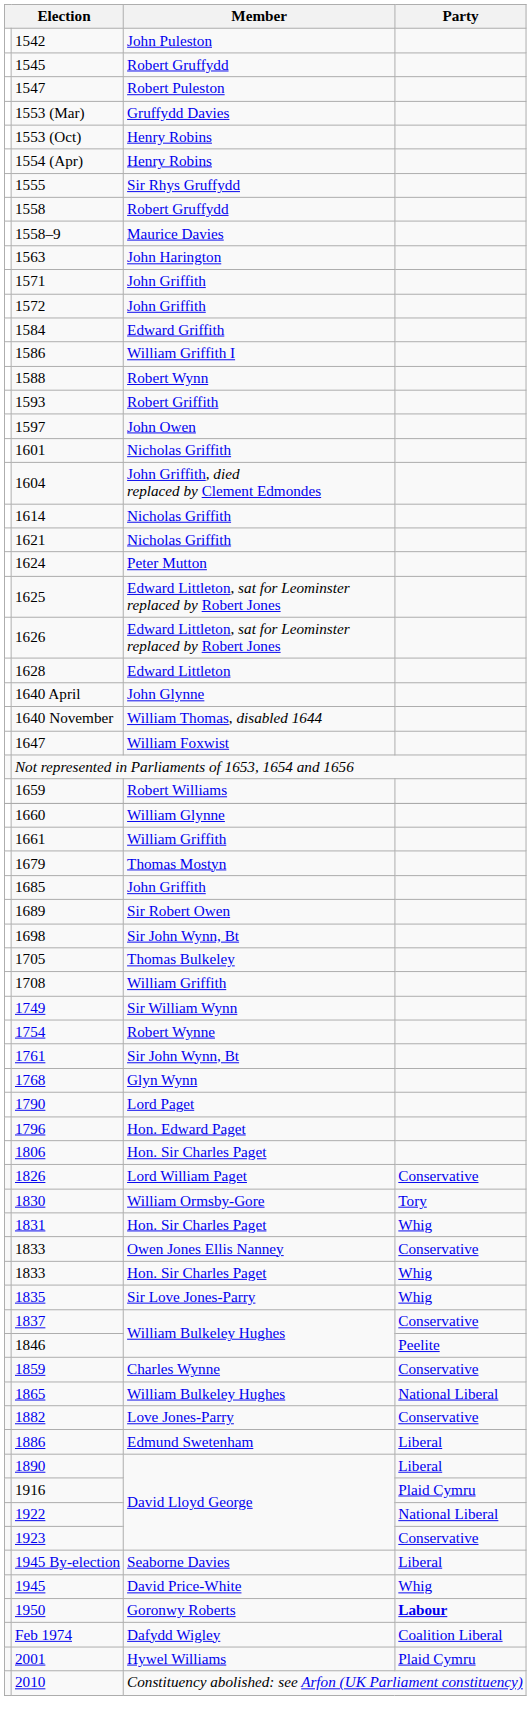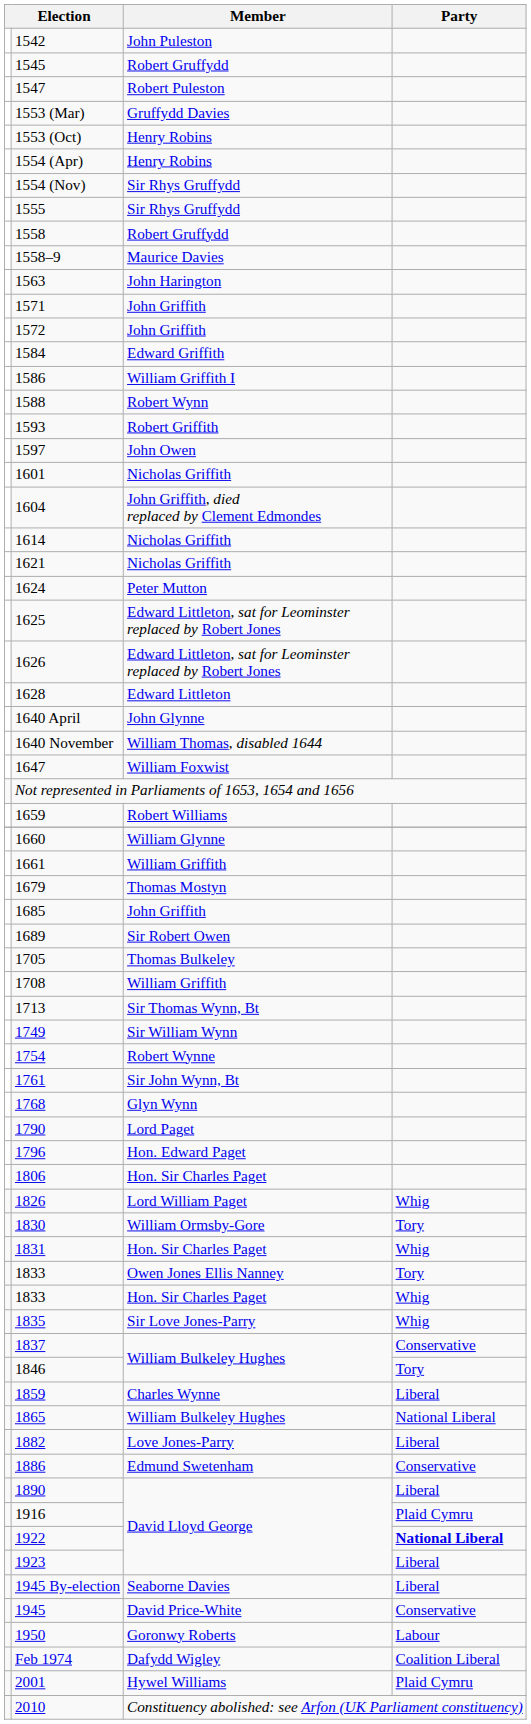 <table class="wikitable">
 <tr>
 <th colspan=2>Election</th>
 <th>Member</th>
 <th>Party</th>
 </tr>
 <tr>
 <td style="color:inherit;background-color: white"></td>
 <td>1542</td>
 <td><a href='#'>John Puleston</a></td>
 <td></td>
 </tr>
 <tr>
 <td style="color:inherit;background-color: white"></td>
 <td>1545</td>
 <td><a href='#'>Robert Gruffydd</a></td>
 <td></td>
 </tr>
 <tr>
 <td style="color:inherit;background-color: white"></td>
 <td>1547</td>
 <td><a href='#'>Robert Puleston</a></td>
 <td></td>
 </tr>
 <tr>
 <td style="color:inherit;background-color: white"></td>
 <td>1553 (Mar)</td>
 <td><a href='#'>Gruffydd Davies</a></td>
 <td></td>
 </tr>
 <tr>
 <td style="color:inherit;background-color: white"></td>
 <td>1553 (Oct)</td>
 <td><a href='#'>Henry Robins</a></td>
 <td></td>
 </tr>
 <tr>
 <td style="color:inherit;background-color: white"></td>
 <td>1554 (Apr)</td>
 <td><a href='#'>Henry Robins</a></td>
+<td></td>
+</tr>
+<tr>
+<td style="color:inherit;background-color: white"></td>
+<td>1554 (Nov)</td>
+<td><a href='#'>Sir Rhys Gruffydd</a></td>
 <td></td>
 </tr>
 <tr>
 <td style="color:inherit;background-color: white"></td>
 <td>1555</td>
 <td><a href='#'>Sir Rhys Gruffydd</a></td>
 <td></td>
 </tr>
 <tr>
 <td style="color:inherit;background-color: white"></td>
 <td>1558</td>
 <td><a href='#'>Robert Gruffydd</a></td>
 <td></td>
 </tr>
 <tr>
 <td style="color:inherit;background-color: white"></td>
 <td>1558–9</td>
 <td><a href='#'>Maurice Davies</a></td>
 <td></td>
 </tr>
 <tr>
 <td style="color:inherit;background-color: white"></td>
 <td>1563</td>
 <td><a href='#'>John Harington</a></td>
 <td></td>
 </tr>
 <tr>
 <td style="color:inherit;background-color: white"></td>
 <td>1571</td>
 <td><a href='#'>John Griffith</a></td>
 <td></td>
 </tr>
 <tr>
 <td style="color:inherit;background-color: white"></td>
 <td>1572</td>
 <td><a href='#'>John Griffith</a></td>
 <td></td>
 </tr>
 <tr>
 <td style="color:inherit;background-color: white"></td>
 <td>1584</td>
 <td><a href='#'>Edward Griffith</a></td>
 <td></td>
 </tr>
 <tr>
 <td style="color:inherit;background-color: white"></td>
 <td>1586</td>
 <td><a href='#'>William Griffith I</a></td>
 <td></td>
 </tr>
 <tr>
 <td style="color:inherit;background-color: white"></td>
 <td>1588</td>
 <td><a href='#'>Robert Wynn</a></td>
 <td></td>
 </tr>
 <tr>
 <td style="color:inherit;background-color: white"></td>
 <td>1593</td>
 <td><a href='#'>Robert Griffith</a></td>
 <td></td>
 </tr>
 <tr>
 <td style="color:inherit;background-color: white"></td>
 <td>1597</td>
 <td><a href='#'>John Owen</a></td>
 <td></td>
 </tr>
 <tr>
 <td style="color:inherit;background-color: white"></td>
 <td>1601</td>
 <td><a href='#'>Nicholas Griffith</a></td>
 <td></td>
 </tr>
 <tr>
 <td style="color:inherit;background-color: white"></td>
 <td>1604</td>
 <td><a href='#'>John Griffith</a>, <em>died <br> replaced by</em> <a href='#'>Clement Edmondes</a></td>
 <td></td>
 </tr>
 <tr>
 <td style="color:inherit;background-color: white"></td>
 <td>1614</td>
 <td><a href='#'>Nicholas Griffith</a></td>
 <td></td>
 </tr>
 <tr>
 <td style="color:inherit;background-color: white"></td>
 <td>1621</td>
 <td><a href='#'>Nicholas Griffith</a></td>
 <td></td>
 </tr>
 <tr>
 <td style="color:inherit;background-color: white"></td>
 <td>1624</td>
 <td><a href='#'>Peter Mutton</a></td>
 <td></td>
 </tr>
 <tr>
 <td style="color:inherit;background-color: white"></td>
 <td>1625</td>
 <td><a href='#'>Edward Littleton</a>, <em>sat for Leominster <br> replaced by</em> <a href='#'>Robert Jones</a></td>
 <td></td>
 </tr>
 <tr>
 <td style="color:inherit;background-color: white"></td>
 <td>1626</td>
 <td><a href='#'>Edward Littleton</a>, <em>sat for Leominster <br> replaced by</em> <a href='#'>Robert Jones</a></td>
 <td></td>
 </tr>
 <tr>
 <td style="color:inherit;background-color: white"></td>
 <td>1628</td>
 <td><a href='#'>Edward Littleton</a></td>
 <td></td>
 </tr>
 <tr>
 <td style="color:inherit;background-color: white"></td>
 <td>1640 April</td>
 <td><a href='#'>John Glynne</a></td>
 <td></td>
 </tr>
 <tr>
 <td style="color:inherit;background-color: white"></td>
 <td>1640 November</td>
 <td><a href='#'>William Thomas</a>, <em>disabled 1644</em></td>
 <td></td>
 </tr>
 <tr>
 <td style="color:inherit;background-color: white"></td>
 <td>1647</td>
 <td><a href='#'>William Foxwist</a></td>
 <td></td>
 </tr>
 <tr>
 <td></td>
 <td colspan="3"><em>Not represented in Parliaments of 1653, 1654 and 1656</em></td>
 </tr>
 <tr>
 <td style="color:inherit;background-color: white"></td>
 <td>1659</td>
 <td><a href='#'>Robert Williams</a></td>
 <td></td>
 </tr>
 <tr>
 </tr>
 <tr>
 <td style="color:inherit;background-color: white"></td>
 <td>1660</td>
 <td><a href='#'>William Glynne</a></td>
 <td></td>
 </tr>
 <tr>
 <td style="color:inherit;background-color: white"></td>
 <td>1661</td>
 <td><a href='#'>William Griffith</a></td>
 <td></td>
 </tr>
 <tr>
 <td style="color:inherit;background-color: white"></td>
 <td>1679</td>
 <td><a href='#'>Thomas Mostyn</a></td>
 <td></td>
 </tr>
 <tr>
 <td style="color:inherit;background-color: white"></td>
 <td>1685</td>
 <td><a href='#'>John Griffith</a></td>
 <td></td>
 </tr>
 <tr>
 <td style="color:inherit;background-color: white"></td>
 <td>1689</td>
 <td><a href='#'>Sir Robert Owen</a></td>
 <td></td>
 </tr>
 <tr>
 <td style="color:inherit;background-color: white"></td>
-<td>1698</td>
-<td><a href='#'>Sir John Wynn, Bt</a></td>
-<td></td>
-</tr>
-<tr>
-<td style="color:inherit;background-color: white"></td>
 <td>1705</td>
 <td><a href='#'>Thomas Bulkeley</a></td>
 <td></td>
 </tr>
 <tr>
 <td style="color:inherit;background-color: white"></td>
 <td>1708</td>
 <td><a href='#'>William Griffith</a></td>
+<td></td>
+</tr>
+<tr>
+<td style="color:inherit;background-color: white"></td>
+<td>1713</td>
+<td><a href='#'>Sir Thomas Wynn, Bt</a></td>
 <td></td>
 </tr>
 <tr>
 <td style="color:inherit;background-color: white"></td>
 <td><a href='#'>1749</a></td>
 <td><a href='#'>Sir William Wynn</a></td>
 <td></td>
 </tr>
 <tr>
 <td style="color:inherit;background-color: white"></td>
 <td><a href='#'>1754</a></td>
 <td><a href='#'>Robert Wynne</a></td>
 <td></td>
 </tr>
 <tr>
 <td style="color:inherit;background-color: white"></td>
 <td><a href='#'>1761</a></td>
 <td><a href='#'>Sir John Wynn, Bt</a></td>
 <td></td>
 </tr>
 <tr>
 <td style="color:inherit;background-color: white"></td>
 <td><a href='#'>1768</a></td>
 <td><a href='#'>Glyn Wynn</a></td>
 <td></td>
 </tr>
 <tr>
 <td style="color:inherit;background-color: white"></td>
 <td><a href='#'>1790</a></td>
 <td><a href='#'>Lord Paget</a></td>
 <td></td>
 </tr>
 <tr>
 <td style="color:inherit;background-color: white"></td>
 <td><a href='#'>1796</a></td>
 <td><a href='#'>Hon. Edward Paget</a></td>
 <td></td>
 </tr>
 <tr>
 <td style="color:inherit;background-color: white"></td>
 <td><a href='#'>1806</a></td>
 <td><a href='#'>Hon. Sir Charles Paget</a></td>
 <td></td>
 </tr>
 <tr>
 <td style="color:inherit;background-color: "></td>
 <td><a href='#'>1826</a></td>
 <td><a href='#'>Lord William Paget</a></td>
-<td><a href='#'>Conservative</a></td>
+<td><a href='#'>Whig</a></td>
 </tr>
 <tr>
 <td style="color:inherit;background-color: "></td>
 <td><a href='#'>1830</a></td>
 <td><a href='#'>William Ormsby-Gore</a></td>
 <td><a href='#'>Tory</a></td>
 </tr>
 <tr>
 <td style="color:inherit;background-color: "></td>
 <td><a href='#'>1831</a></td>
 <td><a href='#'>Hon. Sir Charles Paget</a></td>
 <td><a href='#'>Whig</a></td>
 </tr>
 <tr>
 <td style="color:inherit;background-color: "></td>
 <td>1833</td>
 <td><a href='#'>Owen Jones Ellis Nanney</a></td>
-<td><a href='#'>Conservative</a></td>
+<td><a href='#'>Tory</a></td>
 </tr>
 <tr>
 <td style="color:inherit;background-color: "></td>
 <td>1833</td>
 <td><a href='#'>Hon. Sir Charles Paget</a></td>
 <td><a href='#'>Whig</a></td>
 </tr>
 <tr>
 <td style="color:inherit;background-color: "></td>
 <td><a href='#'>1835</a></td>
 <td><a href='#'>Sir Love Jones-Parry</a></td>
 <td><a href='#'>Whig</a></td>
 </tr>
 <tr>
 <td style="color:inherit;background-color: "></td>
 <td><a href='#'>1837</a></td>
 <td rowspan="2"><a href='#'>William Bulkeley Hughes</a></td>
 <td><a href='#'>Conservative</a></td>
 </tr>
 <tr>
 <td style="color:inherit;background-color: "></td>
 <td>1846</td>
-<td><a href='#'>Peelite</a></td>
+<td><a href='#'>Tory</a></td>
 </tr>
 <tr>
 <td style="color:inherit;background-color: "></td>
 <td><a href='#'>1859</a></td>
 <td><a href='#'>Charles Wynne</a></td>
-<td><a href='#'>Conservative</a></td>
+<td><a href='#'>Liberal</a></td>
 </tr>
 <tr>
 <td style="color:inherit;background-color: "></td>
 <td><a href='#'>1865</a></td>
 <td><a href='#'>William Bulkeley Hughes</a></td>
 <td><a href='#'>National Liberal</a></td>
 </tr>
 <tr>
 <td style="color:inherit;background-color: "></td>
 <td><a href='#'>1882</a></td>
 <td><a href='#'>Love Jones-Parry</a></td>
-<td><a href='#'>Conservative</a></td>
+<td><a href='#'>Liberal</a></td>
 </tr>
 <tr>
 <td style="color:inherit;background-color: "></td>
 <td><a href='#'>1886</a></td>
 <td><a href='#'>Edmund Swetenham</a></td>
-<td><a href='#'>Liberal</a></td>
+<td><a href='#'>Conservative</a></td>
 </tr>
 <tr>
 <td style="color:inherit;background-color: "></td>
 <td><a href='#'>1890</a></td>
 <td rowspan=4><a href='#'>David Lloyd George</a></td>
 <td><a href='#'>Liberal</a></td>
 </tr>
 <tr>
 <td style="color:inherit;background-color: "></td>
 <td>1916</td>
 <td><a href='#'>Plaid Cymru</a></td>
 </tr>
 <tr>
 <td style="color:inherit;background-color: "></td>
 <td><a href='#'>1922</a></td>
-<td><a href='#'>National Liberal</a></td>
+<td><strong><a href='#'>National Liberal</a></strong></td>
 </tr>
 <tr>
 <td style="color:inherit;background-color: "></td>
 <td><a href='#'>1923</a></td>
-<td><a href='#'>Conservative</a></td>
+<td><a href='#'>Liberal</a></td>
 </tr>
 <tr>
 <td style="color:inherit;background-color: "></td>
 <td><a href='#'>1945 By-election</a></td>
 <td><a href='#'>Seaborne Davies</a></td>
 <td><a href='#'>Liberal</a></td>
 </tr>
 <tr>
 <td style="color:inherit;background-color: "></td>
 <td><a href='#'>1945</a></td>
 <td><a href='#'>David Price-White</a></td>
-<td><a href='#'>Whig</a></td>
+<td><a href='#'>Conservative</a></td>
 </tr>
 <tr>
 <td style="color:inherit;background-color: "></td>
 <td><a href='#'>1950</a></td>
 <td><a href='#'>Goronwy Roberts</a></td>
-<td><strong><a href='#'>Labour</a></strong></td>
+<td><a href='#'>Labour</a></td>
 </tr>
 <tr>
 <td style="color:inherit;background-color: "></td>
 <td><a href='#'>Feb 1974</a></td>
 <td><a href='#'>Dafydd Wigley</a></td>
 <td><a href='#'>Coalition Liberal</a></td>
 </tr>
 <tr>
 <td style="color:inherit;background-color: "></td>
 <td><a href='#'>2001</a></td>
 <td><a href='#'>Hywel Williams</a></td>
 <td><a href='#'>Plaid Cymru</a></td>
 </tr>
 <tr>
 <td></td>
 <td><a href='#'>2010</a></td>
 <td colspan="2"><em>Constituency abolished: see <a href='#'>Arfon (UK Parliament constituency)</a></em></td>
 </tr>
 </table>
